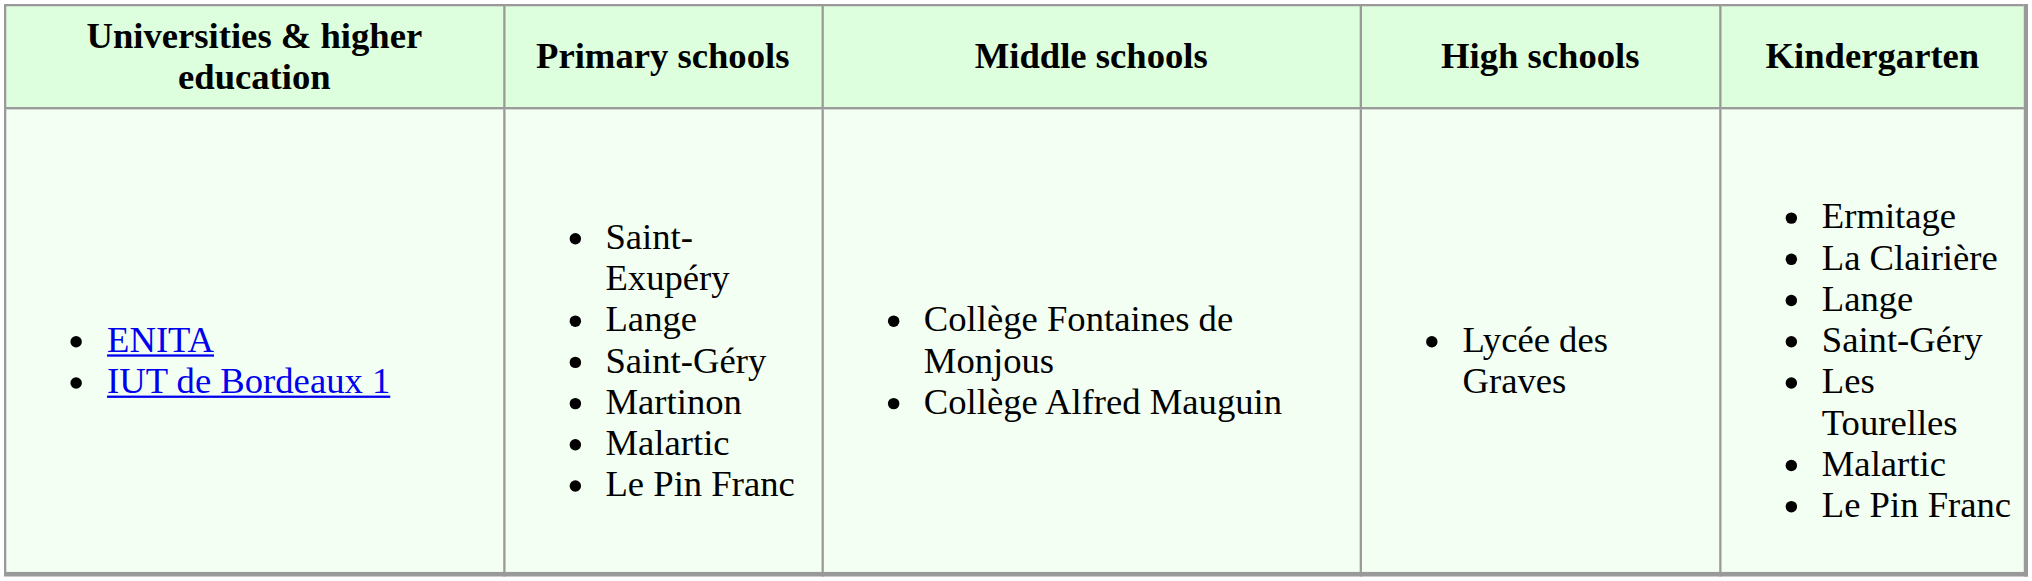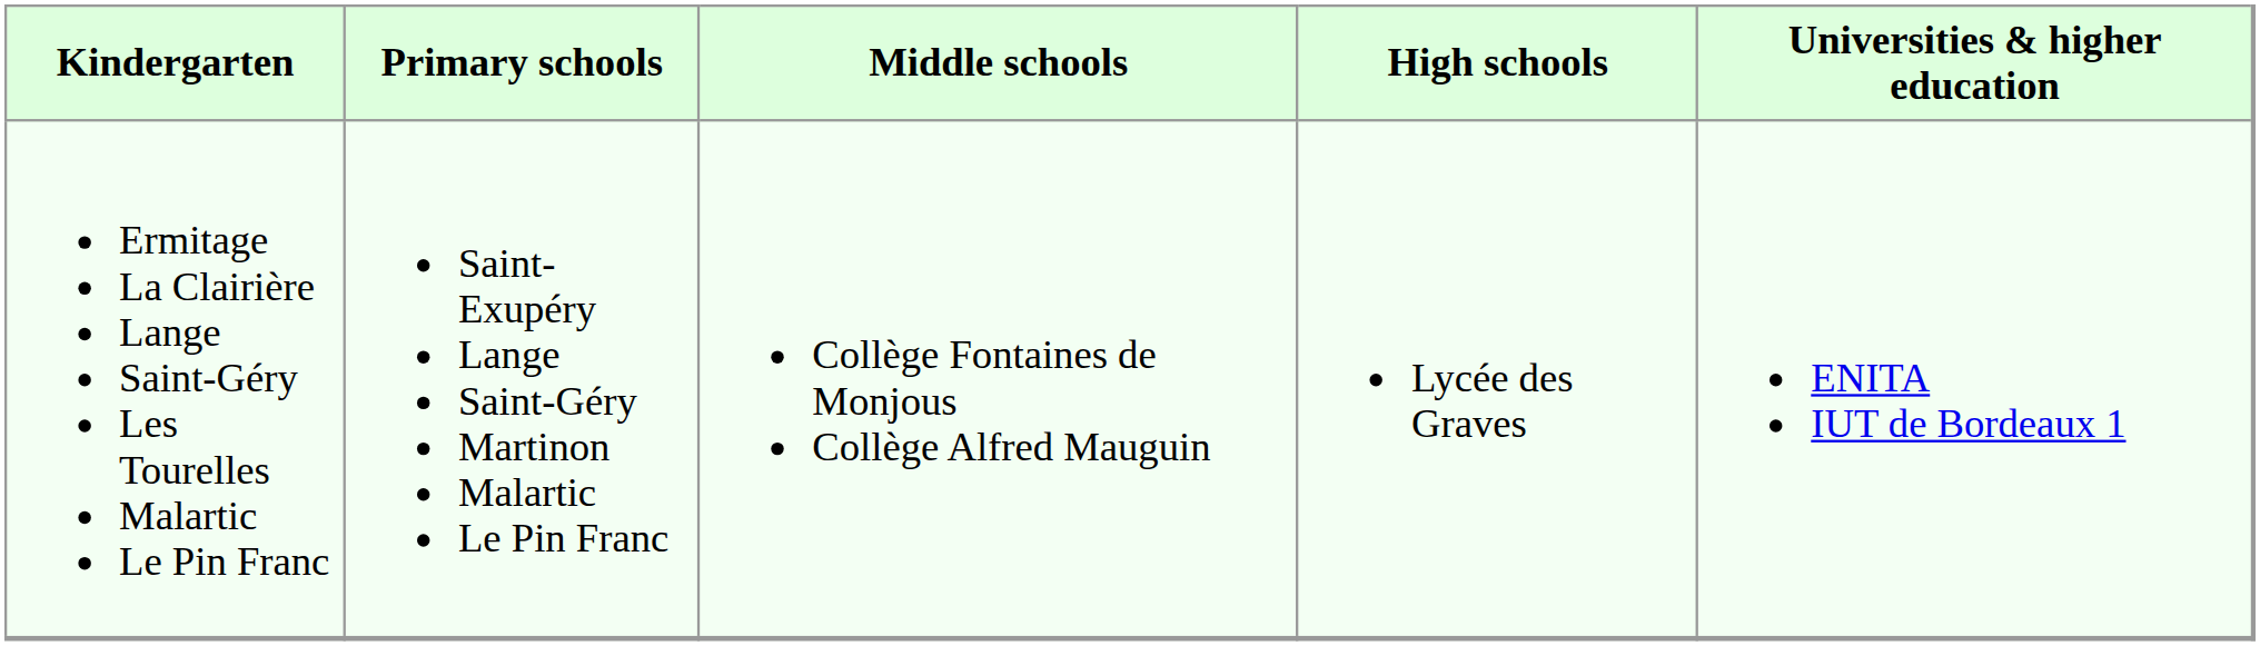 <table align="center" rules="all" cellspacing="0" cellpadding="4" style="border: 1px solid #999; border-right: 2px solid #999; border-bottom: 2px solid #999; background: #f3fff3">
 <tr style="background: #ddffdd">
-<th>Universities & higher education</th>
+<th>Kindergarten</th>
 <th>Primary schools</th>
 <th>Middle schools</th>
 <th>High schools</th>
-<th>Kindergarten</th>
+<th>Universities & higher education</th>
 </tr>
 <tr>
-<td><br><ul><li><a href='#'>ENITA</a></li><li><a href='#'>IUT de Bordeaux 1</a></li></ul></td>
+<td><br><ul><li>Ermitage</li><li>La Clairière</li><li>Lange</li><li>Saint-Géry</li><li>Les Tourelles</li><li>Malartic</li><li>Le Pin Franc</li></ul></td>
 <td><br><ul><li>Saint-Exupéry</li><li>Lange</li><li>Saint-Géry</li><li>Martinon</li><li>Malartic</li><li>Le Pin Franc</li></ul></td>
 <td><br><ul><li>Collège Fontaines de Monjous</li><li>Collège Alfred Mauguin</li></ul></td>
 <td><br><ul><li>Lycée des Graves</li></ul></td>
-<td><br><ul><li>Ermitage</li><li>La Clairière</li><li>Lange</li><li>Saint-Géry</li><li>Les Tourelles</li><li>Malartic</li><li>Le Pin Franc</li></ul></td>
+<td><br><ul><li><a href='#'>ENITA</a></li><li><a href='#'>IUT de Bordeaux 1</a></li></ul></td>
 </tr>
 </table>
